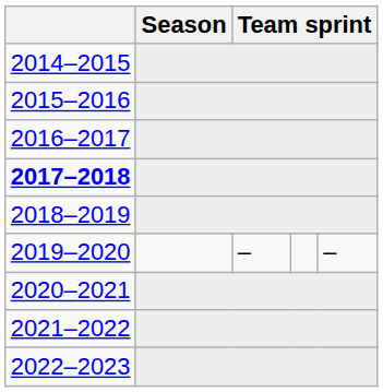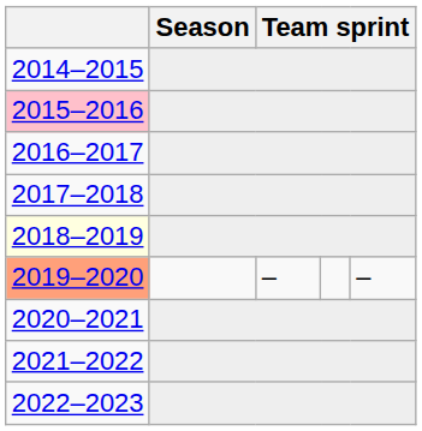 <table class="wikitable" style="display: inline-table">
 <tr>
 <th></th>
 <th>Season</th>
 <th colspan="4">Team sprint</th>
 </tr>
 <tr>
 <td><a href='#'>2014–2015</a></td>
 <td colspan="4" bgcolor=#EEEEEE></td>
 </tr>
 <tr>
-<td><a href='#'>2015–2016</a></td>
+<td style="background: pink;"><a href='#'>2015–2016</a></td>
 <td colspan="4" bgcolor=#EEEEEE></td>
 </tr>
 <tr>
 <td><a href='#'>2016–2017</a></td>
 <td colspan="4" bgcolor=#EEEEEE></td>
 </tr>
 <tr>
-<td><strong><a href='#'>2017–2018</a></strong></td>
+<td><a href='#'>2017–2018</a></td>
 <td colspan="4" bgcolor=#EEEEEE></td>
 </tr>
 <tr>
-<td><a href='#'>2018–2019</a></td>
+<td style="background: lightyellow;"><a href='#'>2018–2019</a></td>
 <td colspan="4" bgcolor=#EEEEEE></td>
 </tr>
 <tr>
-<td><a href='#'>2019–2020</a></td>
+<td style="background: lightsalmon;"><a href='#'>2019–2020</a></td>
 <td></td>
 <td>–</td>
 <td></td>
 <td>–</td>
 </tr>
 <tr>
 <td><a href='#'>2020–2021</a></td>
 <td colspan="4" bgcolor=#EEEEEE></td>
 </tr>
 <tr>
 <td><a href='#'>2021–2022</a></td>
 <td colspan="4" bgcolor=#EEEEEE></td>
 </tr>
 <tr>
 <td><a href='#'>2022–2023</a></td>
 <td colspan="4" bgcolor=#EEEEEE></td>
 </tr>
 </table>
